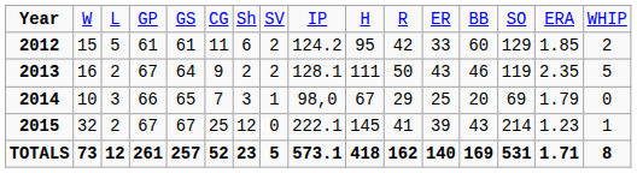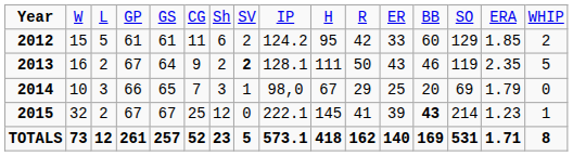 <table class="wikitable" style="text-align:center;">
 <tr>
 <td><strong>Year</strong></td>
 <td><a href='#'>W</a></td>
 <td><a href='#'>L</a></td>
 <td><a href='#'>GP</a></td>
 <td><a href='#'>GS</a></td>
 <td><a href='#'>CG</a></td>
 <td><a href='#'>Sh</a></td>
 <td><a href='#'>SV</a></td>
 <td><a href='#'>IP</a></td>
 <td><a href='#'>H</a></td>
 <td><a href='#'>R</a></td>
 <td><a href='#'>ER</a></td>
 <td><a href='#'>BB</a></td>
 <td><a href='#'>SO</a></td>
 <td><a href='#'>ERA</a></td>
 <td><a href='#'>WHIP</a></td>
 </tr>
 <tr>
 <td><strong>2012</strong></td>
 <td>15</td>
 <td>5</td>
 <td>61</td>
 <td>61</td>
 <td>11</td>
 <td>6</td>
 <td>2</td>
 <td>124.2</td>
 <td>95</td>
 <td>42</td>
 <td>33</td>
 <td>60</td>
 <td>129</td>
 <td>1.85</td>
 <td>2</td>
 </tr>
 <tr>
 <td><strong>2013</strong></td>
 <td>16</td>
 <td>2</td>
 <td>67</td>
 <td>64</td>
 <td>9</td>
 <td>2</td>
-<td>2</td>
+<td><strong>2</strong></td>
 <td>128.1</td>
 <td>111</td>
 <td>50</td>
 <td>43</td>
 <td>46</td>
 <td>119</td>
 <td>2.35</td>
 <td>5</td>
 </tr>
 <tr>
 <td><strong>2014</strong></td>
 <td>10</td>
 <td>3</td>
 <td>66</td>
 <td>65</td>
 <td>7</td>
 <td>3</td>
 <td>1</td>
 <td>98,0</td>
 <td>67</td>
 <td>29</td>
 <td>25</td>
 <td>20</td>
 <td>69</td>
 <td>1.79</td>
 <td>0</td>
 </tr>
 <tr>
 <td><strong>2015</strong></td>
 <td>32</td>
 <td>2</td>
 <td>67</td>
 <td>67</td>
 <td>25</td>
 <td>12</td>
 <td>0</td>
 <td>222.1</td>
 <td>145</td>
 <td>41</td>
 <td>39</td>
-<td>43</td>
+<td><strong>43</strong></td>
 <td>214</td>
 <td>1.23</td>
 <td>1</td>
 </tr>
 <tr>
 <td><strong>TOTALS</strong></td>
 <td><strong>73</strong></td>
 <td><strong>12</strong></td>
 <td><strong>261</strong></td>
 <td><strong>257</strong></td>
 <td><strong>52</strong></td>
 <td><strong>23</strong></td>
 <td><strong>5</strong></td>
 <td><strong>573.1</strong></td>
 <td><strong>418</strong></td>
 <td><strong>162</strong></td>
 <td><strong>140</strong></td>
 <td><strong>169</strong></td>
 <td><strong>531</strong></td>
 <td><strong>1.71</strong></td>
 <td><strong>8</strong></td>
 </tr>
 </table>
